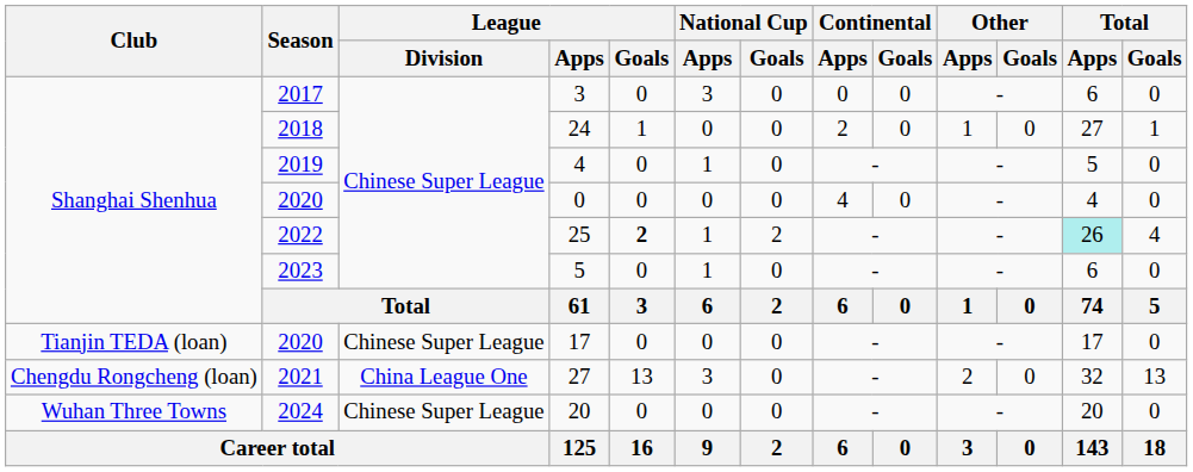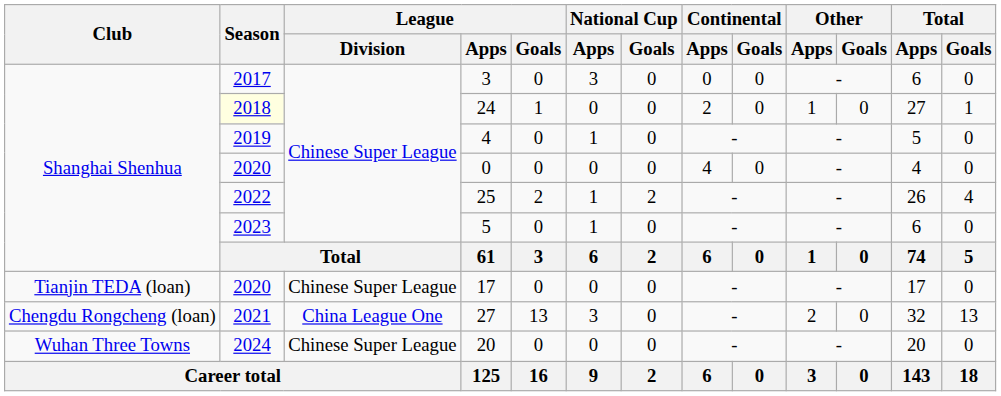 <table class="wikitable" style="text-align: center">
 <tr>
 <th rowspan="2">Club</th>
 <th rowspan="2">Season</th>
 <th colspan="3">League</th>
 <th colspan="2">National Cup</th>
 <th colspan="2">Continental</th>
 <th colspan="2">Other</th>
 <th colspan="2">Total</th>
 </tr>
 <tr>
 <th>Division</th>
 <th>Apps</th>
 <th>Goals</th>
 <th>Apps</th>
 <th>Goals</th>
 <th>Apps</th>
 <th>Goals</th>
 <th>Apps</th>
 <th>Goals</th>
 <th>Apps</th>
 <th>Goals</th>
 </tr>
 <tr>
 <td rowspan="7"><a href='#'>Shanghai Shenhua</a></td>
 <td><a href='#'>2017</a></td>
 <td rowspan="6"><a href='#'>Chinese Super League</a></td>
 <td>3</td>
 <td>0</td>
 <td>3</td>
 <td>0</td>
 <td>0</td>
 <td>0</td>
 <td colspan="2">-</td>
 <td>6</td>
 <td>0</td>
 </tr>
 <tr>
-<td><a href='#'>2018</a></td>
+<td style="background: lightyellow;"><a href='#'>2018</a></td>
 <td>24</td>
 <td>1</td>
 <td>0</td>
 <td>0</td>
 <td>2</td>
 <td>0</td>
 <td>1</td>
 <td>0</td>
 <td>27</td>
 <td>1</td>
 </tr>
 <tr>
 <td><a href='#'>2019</a></td>
 <td>4</td>
 <td>0</td>
 <td>1</td>
 <td>0</td>
 <td colspan="2">-</td>
 <td colspan="2">-</td>
 <td>5</td>
 <td>0</td>
 </tr>
 <tr>
 <td><a href='#'>2020</a></td>
 <td>0</td>
 <td>0</td>
 <td>0</td>
 <td>0</td>
 <td>4</td>
 <td>0</td>
 <td colspan="2">-</td>
 <td>4</td>
 <td>0</td>
 </tr>
 <tr>
 <td><a href='#'>2022</a></td>
 <td>25</td>
-<td><strong>2</strong></td>
+<td>2</td>
 <td>1</td>
 <td>2</td>
 <td colspan="2">-</td>
 <td colspan="2">-</td>
-<td style="background: paleturquoise;">26</td>
+<td>26</td>
 <td>4</td>
 </tr>
 <tr>
 <td><a href='#'>2023</a></td>
 <td>5</td>
 <td>0</td>
 <td>1</td>
 <td>0</td>
 <td colspan="2">-</td>
 <td colspan="2">-</td>
 <td>6</td>
 <td>0</td>
 </tr>
 <tr>
 <th colspan="2"><strong>Total</strong></th>
 <th>61</th>
 <th>3</th>
 <th>6</th>
 <th>2</th>
 <th>6</th>
 <th>0</th>
 <th>1</th>
 <th>0</th>
 <th>74</th>
 <th>5</th>
 </tr>
 <tr>
 <td><a href='#'>Tianjin TEDA</a> (loan)</td>
 <td><a href='#'>2020</a></td>
 <td>Chinese Super League</td>
 <td>17</td>
 <td>0</td>
 <td>0</td>
 <td>0</td>
 <td colspan="2">-</td>
 <td colspan="2">-</td>
 <td>17</td>
 <td>0</td>
 </tr>
 <tr>
 <td><a href='#'>Chengdu Rongcheng</a> (loan)</td>
 <td><a href='#'>2021</a></td>
 <td><a href='#'>China League One</a></td>
 <td>27</td>
 <td>13</td>
 <td>3</td>
 <td>0</td>
 <td colspan="2">-</td>
 <td>2</td>
 <td>0</td>
 <td>32</td>
 <td>13</td>
 </tr>
 <tr>
 <td><a href='#'>Wuhan Three Towns</a></td>
 <td><a href='#'>2024</a></td>
 <td>Chinese Super League</td>
 <td>20</td>
 <td>0</td>
 <td>0</td>
 <td>0</td>
 <td colspan="2">-</td>
 <td colspan="2">-</td>
 <td>20</td>
 <td>0</td>
 </tr>
 <tr>
 <th colspan=3>Career total</th>
 <th>125</th>
 <th>16</th>
 <th>9</th>
 <th>2</th>
 <th>6</th>
 <th>0</th>
 <th>3</th>
 <th>0</th>
 <th>143</th>
 <th>18</th>
 </tr>
 </table>
